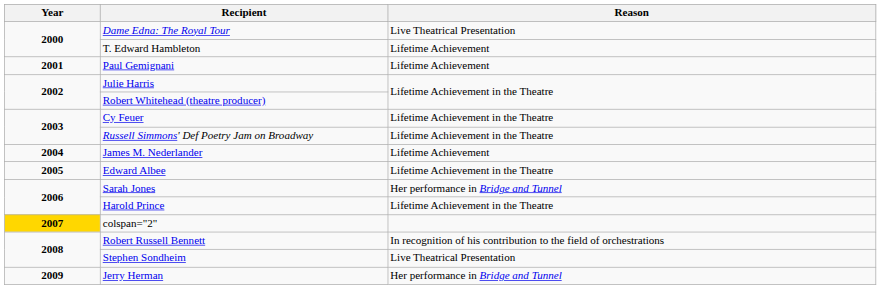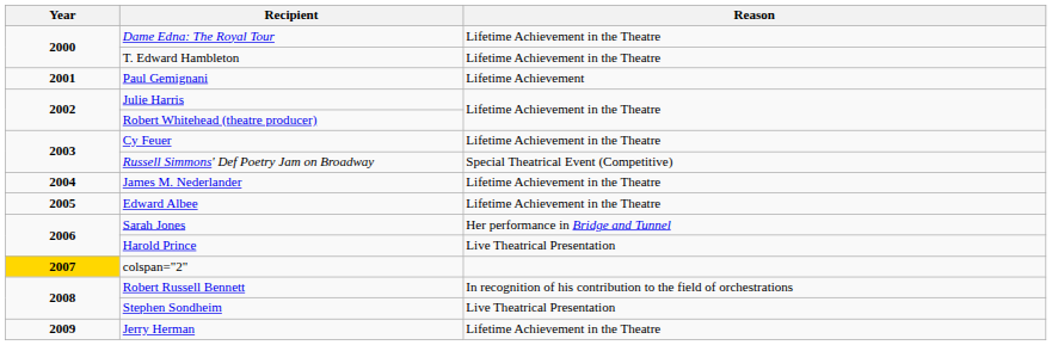 <table class="wikitable" style="width:100%;">
 <tr style="background:#bebebe;">
 <th style="width:11%;">Year</th>
 <th style="width:33%;”">Recipient</th>
 <th style="width:56%;”">Reason</th>
 </tr>
 <tr>
 <td rowspan="2" align="center"><strong>2000</strong><br></td>
 <td><em><a href='#'>Dame Edna: The Royal Tour</a></em></td>
-<td>Live Theatrical Presentation</td>
+<td>Lifetime Achievement in the Theatre</td>
 </tr>
 <tr>
 <td>T. Edward Hambleton</td>
-<td>Lifetime Achievement</td>
+<td>Lifetime Achievement in the Theatre</td>
 </tr>
 <tr>
 <td align="center"><strong>2001</strong><br></td>
 <td><a href='#'>Paul Gemignani</a></td>
 <td>Lifetime Achievement</td>
 </tr>
 <tr>
 <td rowspan="2" align="center"><strong>2002</strong><br></td>
 <td><a href='#'>Julie Harris</a></td>
 <td rowspan="2">Lifetime Achievement in the Theatre</td>
 </tr>
 <tr>
 <td><a href='#'>Robert Whitehead (theatre producer)</a></td>
 </tr>
 <tr>
 <td rowspan="2" align="center"><strong>2003</strong><br></td>
 <td><a href='#'>Cy Feuer</a></td>
 <td>Lifetime Achievement in the Theatre</td>
 </tr>
 <tr>
 <td><em><a href='#'>Russell Simmons</a>' Def Poetry Jam on Broadway</em></td>
-<td>Lifetime Achievement in the Theatre</td>
+<td>Special Theatrical Event (Competitive)</td>
 </tr>
 <tr>
 <td align="center"><strong>2004</strong><br></td>
 <td><a href='#'>James M. Nederlander</a></td>
-<td>Lifetime Achievement</td>
+<td>Lifetime Achievement in the Theatre</td>
 </tr>
 <tr>
 <td align="center"><strong>2005</strong><br></td>
 <td><a href='#'>Edward Albee</a></td>
 <td>Lifetime Achievement in the Theatre</td>
 </tr>
 <tr>
 <td rowspan="2" align="center"><strong>2006</strong><br></td>
 <td><a href='#'>Sarah Jones</a></td>
 <td>Her performance in <em><a href='#'>Bridge and Tunnel</a></em></td>
 </tr>
 <tr>
 <td><a href='#'>Harold Prince</a></td>
-<td>Lifetime Achievement in the Theatre</td>
+<td>Live Theatrical Presentation</td>
 </tr>
 <tr>
 <td align="center" style="background: gold;"><strong>2007</strong><br></td>
 <td>colspan="2" </td>
 </tr>
 <tr>
 <td rowspan="2" align="center"><strong>2008</strong><br></td>
 <td><a href='#'>Robert Russell Bennett</a></td>
 <td>In recognition of his contribution to the field of orchestrations</td>
 </tr>
 <tr>
 <td><a href='#'>Stephen Sondheim</a></td>
 <td>Live Theatrical Presentation</td>
 </tr>
 <tr>
 <td align="center"><strong>2009</strong><br></td>
 <td><a href='#'>Jerry Herman</a></td>
-<td>Her performance in <em><a href='#'>Bridge and Tunnel</a></em></td>
+<td>Lifetime Achievement in the Theatre</td>
 </tr>
 </table>
